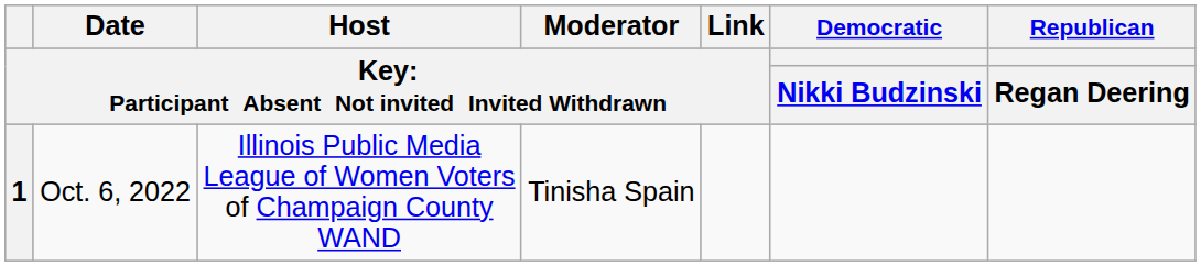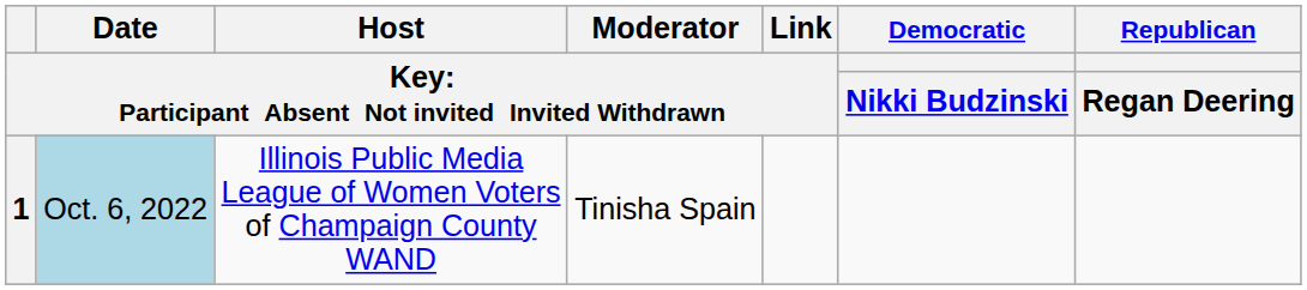 <table class="wikitable" style="text-align:center;">
 <tr>
 <th scope="col"></th>
 <th scope="col">Date</th>
 <th scope="col">Host</th>
 <th scope="col">Moderator</th>
 <th scope="col">Link</th>
 <th scope="col"><small><a href='#'>Democratic</a></small></th>
 <th scope="col"><small><a href='#'>Republican</a></small></th>
 </tr>
 <tr>
 <th colspan="5" rowspan="2">Key:<br> <small>Participant </small>  <small>Absent </small>  <small>Not invited </small>  <small>Invited  Withdrawn</small></th>
 <th scope="col" style="background:"></th>
 <th scope="col" style="background:"></th>
 </tr>
 <tr>
 <th scope="col"><a href='#'>Nikki Budzinski</a></th>
 <th scope="col">Regan Deering</th>
 </tr>
 <tr>
 <th>1</th>
-<td style="white-space:nowrap;">Oct. 6, 2022</td>
+<td style="background: lightblue; white-space:nowrap;">Oct. 6, 2022</td>
 <td style="white-space:nowrap;"><a href='#'>Illinois Public Media</a><br><a href='#'>League of Women Voters</a><br>of <a href='#'>Champaign County</a><br><a href='#'>WAND</a></td>
 <td style="white-space:nowrap;">Tinisha Spain</td>
 <td style="white-space:nowrap;"></td>
 <td></td>
 <td></td>
 </tr>
 </table>
